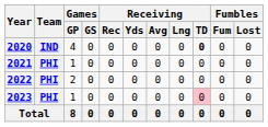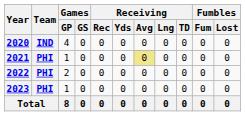 <table class=wikitable style="text-align:center;">
 <tr>
 <th rowspan=2>Year</th>
 <th rowspan=2>Team</th>
 <th colspan=2>Games</th>
 <th colspan=5>Receiving</th>
 <th colspan=2>Fumbles</th>
 </tr>
 <tr>
 <th>GP</th>
 <th>GS</th>
 <th>Rec</th>
 <th>Yds</th>
 <th>Avg</th>
 <th>Lng</th>
 <th>TD</th>
 <th>Fum</th>
 <th>Lost</th>
 </tr>
 <tr>
 <th><a href='#'>2020</a></th>
 <th><a href='#'>IND</a></th>
 <td>4</td>
 <td>0</td>
 <td>0</td>
 <td>0</td>
 <td>0</td>
 <td>0</td>
-<td><strong>0</strong></td>
+<td>0</td>
 <td>0</td>
 <td>0</td>
 </tr>
 <tr>
 <th><a href='#'>2021</a></th>
 <th><a href='#'>PHI</a></th>
 <td>1</td>
 <td>0</td>
 <td>0</td>
 <td>0</td>
-<td>0</td>
+<td style="background: khaki;">0</td>
 <td>0</td>
 <td>0</td>
 <td>0</td>
 <td>0</td>
 </tr>
 <tr>
 <th><a href='#'>2022</a></th>
 <th><a href='#'>PHI</a></th>
 <td>2</td>
 <td>0</td>
 <td>0</td>
 <td>0</td>
 <td>0</td>
 <td>0</td>
 <td>0</td>
 <td>0</td>
 <td>0</td>
 </tr>
 <tr>
 <th><a href='#'>2023</a></th>
 <th><a href='#'>PHI</a></th>
 <td>1</td>
 <td>0</td>
 <td>0</td>
 <td>0</td>
 <td>0</td>
 <td>0</td>
-<td style="background: pink;">0</td>
+<td>0</td>
 <td>0</td>
 <td>0</td>
 </tr>
 <tr>
 <th colspan="2">Total</th>
 <th>8</th>
 <th>0</th>
 <th>0</th>
 <th>0</th>
 <th>0</th>
 <th>0</th>
 <th>0</th>
 <th>0</th>
 <th>0</th>
 </tr>
 </table>
